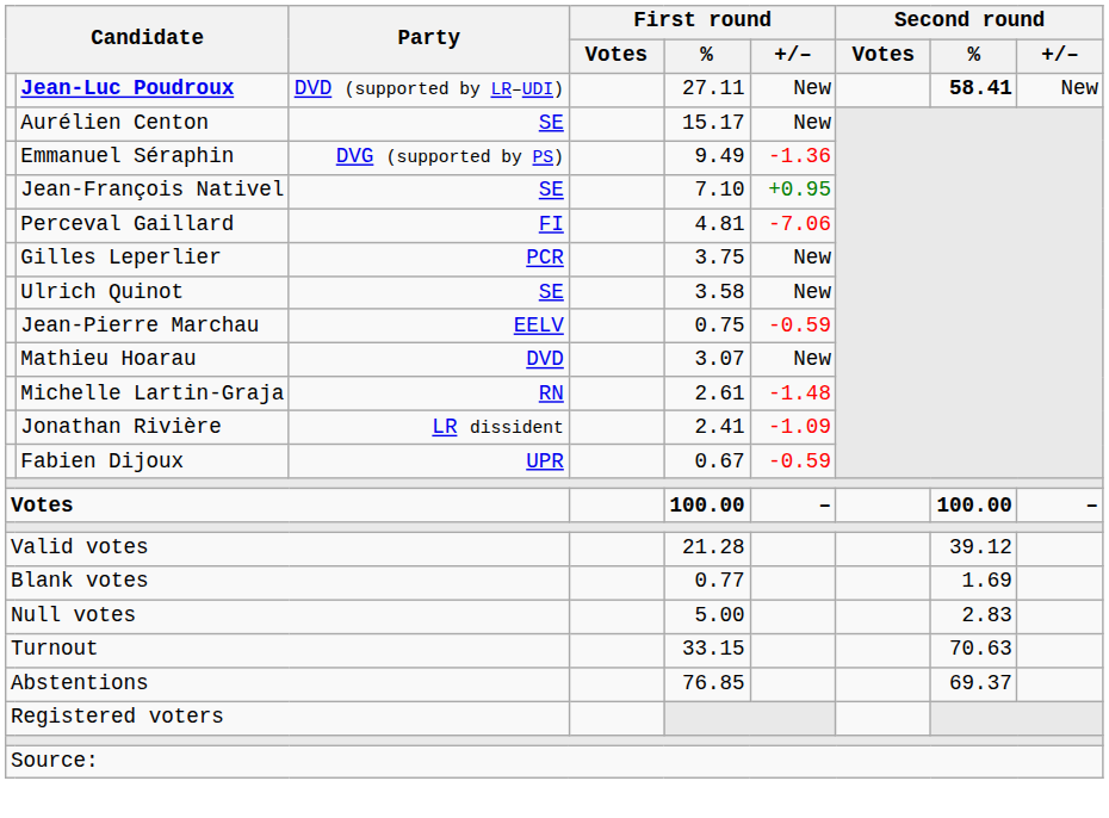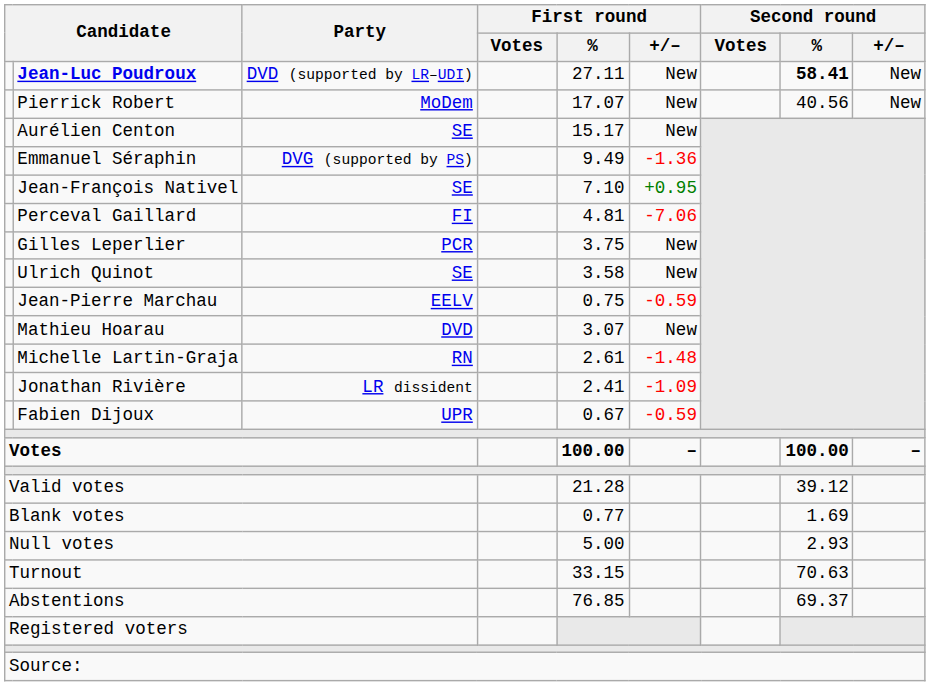 <table class="wikitable" style="text-align:right;font-size:95%;">
 <tr>
 <th rowspan="2" colspan="2">Candidate</th>
 <th rowspan="2">Party</th>
 <th colspan="3">First round</th>
 <th colspan="3">Second round</th>
 </tr>
 <tr>
 <th style="width:50px;">Votes</th>
 <th style="width:45px;">%</th>
 <th style="width:45px;">+/–</th>
 <th style="width:50px;">Votes</th>
 <th style="width:45px;">%</th>
 <th style="width:45px;">+/–</th>
 </tr>
 <tr>
 <td style="background:"></td>
 <td style="text-align:left;"><strong><a href='#'>Jean-Luc Poudroux</a></strong></td>
 <td><a href='#'>DVD</a> <small>(supported by <a href='#'>LR</a>–<a href='#'>UDI</a>)</small></td>
 <td></td>
 <td>27.11</td>
 <td>New</td>
 <td><strong></strong></td>
 <td><strong>58.41</strong></td>
+<td>New</td>
+</tr>
+<tr>
+<td style="background:"></td>
+<td style="text-align:left;">Pierrick Robert</td>
+<td><a href='#'>MoDem</a></td>
+<td></td>
+<td>17.07</td>
+<td>New</td>
+<td></td>
+<td>40.56</td>
 <td>New</td>
 </tr>
 <tr>
 <td style="background:"></td>
 <td style="text-align:left;">Aurélien Centon</td>
 <td><a href='#'>SE</a></td>
 <td></td>
 <td>15.17</td>
 <td>New</td>
 <td colspan="3" rowspan="11" style="background:#E9E9E9;"></td>
 </tr>
 <tr>
 <td style="background:"></td>
 <td style="text-align:left;">Emmanuel Séraphin</td>
 <td><a href='#'>DVG</a> <small>(supported by <a href='#'>PS</a>)</small></td>
 <td></td>
 <td>9.49</td>
 <td style="color:red;">-1.36</td>
 </tr>
 <tr>
 <td style="background:"></td>
 <td style="text-align:left;">Jean-François Nativel</td>
 <td><a href='#'>SE</a></td>
 <td></td>
 <td>7.10</td>
 <td style="color:green;">+0.95</td>
 </tr>
 <tr>
 <td style="background:"></td>
 <td style="text-align:left;">Perceval Gaillard</td>
 <td><a href='#'>FI</a></td>
 <td></td>
 <td>4.81</td>
 <td style="color:red;">-7.06</td>
 </tr>
 <tr>
 <td style="background:"></td>
 <td style="text-align:left;">Gilles Leperlier</td>
 <td><a href='#'>PCR</a></td>
 <td></td>
 <td>3.75</td>
 <td>New</td>
 </tr>
 <tr>
 <td style="background:"></td>
 <td style="text-align:left;">Ulrich Quinot</td>
 <td><a href='#'>SE</a></td>
 <td></td>
 <td>3.58</td>
 <td>New</td>
 </tr>
 <tr>
 <td style="background:"></td>
 <td style="text-align:left;">Jean-Pierre Marchau</td>
 <td><a href='#'>EELV</a></td>
 <td></td>
 <td>0.75</td>
 <td style="color:red;">-0.59</td>
 </tr>
 <tr>
 <td style="background:"></td>
 <td style="text-align:left;">Mathieu Hoarau</td>
 <td><a href='#'>DVD</a></td>
 <td></td>
 <td>3.07</td>
 <td>New</td>
 </tr>
 <tr>
 <td style="background:"></td>
 <td style="text-align:left;">Michelle Lartin-Graja</td>
 <td><a href='#'>RN</a></td>
 <td></td>
 <td>2.61</td>
 <td style="color:red;">-1.48</td>
 </tr>
 <tr>
 <td style="background:"></td>
 <td style="text-align:left;">Jonathan Rivière</td>
 <td><a href='#'>LR</a> <small>dissident</small></td>
 <td></td>
 <td>2.41</td>
 <td style="color:red;">-1.09</td>
 </tr>
 <tr>
 <td style="background:"></td>
 <td style="text-align:left;">Fabien Dijoux</td>
 <td><a href='#'>UPR</a></td>
 <td></td>
 <td>0.67</td>
 <td style="color:red;">-0.59</td>
 </tr>
 <tr>
 <td colspan="9" style="background:#E9E9E9;"></td>
 </tr>
 <tr style="font-weight:bold;">
 <td colspan="3" style="text-align:left;">Votes</td>
 <td></td>
 <td>100.00</td>
 <td>–</td>
 <td></td>
 <td>100.00</td>
 <td>–</td>
 </tr>
 <tr>
 <td colspan="9" style="background:#E9E9E9;"></td>
 </tr>
 <tr>
 <td colspan="3" style="text-align:left;">Valid votes</td>
 <td></td>
 <td>21.28</td>
 <td></td>
 <td></td>
 <td>39.12</td>
 <td></td>
 </tr>
 <tr>
 <td colspan="3" style="text-align:left;">Blank votes</td>
 <td></td>
 <td>0.77</td>
 <td></td>
 <td></td>
 <td>1.69</td>
 <td></td>
 </tr>
 <tr>
 <td colspan="3" style="text-align:left;">Null votes</td>
 <td></td>
 <td>5.00</td>
 <td></td>
 <td></td>
-<td>2.83</td>
+<td>2.93</td>
 <td></td>
 </tr>
 <tr>
 <td colspan="3" style="text-align:left;">Turnout</td>
 <td></td>
 <td>33.15</td>
 <td></td>
 <td></td>
 <td>70.63</td>
 <td></td>
 </tr>
 <tr>
 <td colspan="3" style="text-align:left;">Abstentions</td>
 <td></td>
 <td>76.85</td>
 <td></td>
 <td></td>
 <td>69.37</td>
 <td></td>
 </tr>
 <tr>
 <td colspan="3" style="text-align:left;">Registered voters</td>
 <td></td>
 <td colspan="2" style="background:#E9E9E9;"></td>
 <td></td>
 <td colspan="2" style="background:#E9E9E9;"></td>
 </tr>
 <tr>
 <td colspan="9" style="background:#E9E9E9;"></td>
 </tr>
 <tr>
 <td colspan="9" style="text-align:left;">Source: </td>
 </tr>
 </table>
